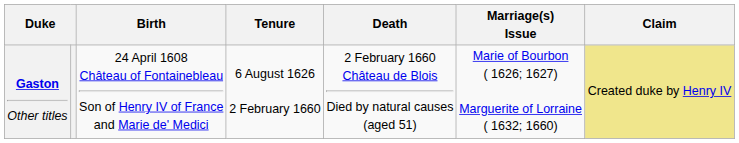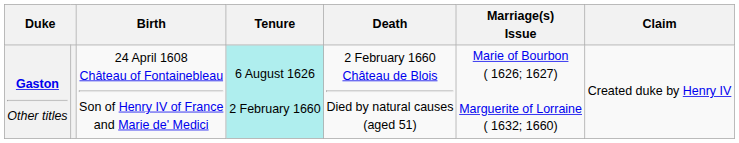 <table class="wikitable" style="line-height:1.4em; text-align:center">
 <tr>
 <th colspan=2>Duke</th>
 <th>Birth</th>
 <th>Tenure</th>
 <th>Death</th>
 <th>Marriage(s)<br>Issue</th>
 <th>Claim</th>
 </tr>
 <tr>
 <th style="font-weight:normal"><br><strong><a href='#'>Gaston</a></strong><hr><em>Other titles</em><br></th>
 <th style="font-weight:normal"></th>
 <td>24 April 1608<br><a href='#'>Château of Fontainebleau</a><hr>Son of <a href='#'>Henry IV of France</a><br>and <a href='#'>Marie de' Medici</a></td>
-<td>6 August 1626<br><br>2 February 1660</td>
+<td style="background: paleturquoise;">6 August 1626<br><br>2 February 1660</td>
 <td>2 February 1660<br><a href='#'>Château de Blois</a><hr>Died by natural causes<br>(aged 51)</td>
 <td> <a href='#'>Marie of Bourbon</a><br>( 1626;  1627)<br><br> <a href='#'>Marguerite of Lorraine</a><br>( 1632;  1660)<br></td>
-<td style="background: khaki;">Created duke by <a href='#'>Henry IV</a></td>
+<td>Created duke by <a href='#'>Henry IV</a></td>
 </tr>
 </table>
